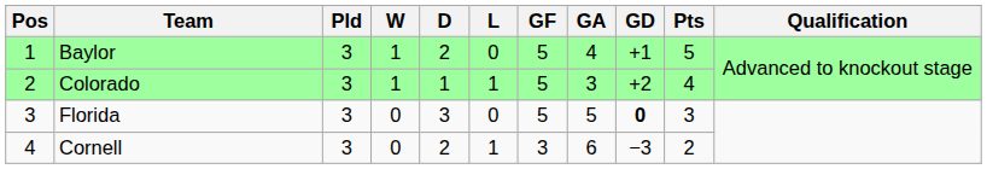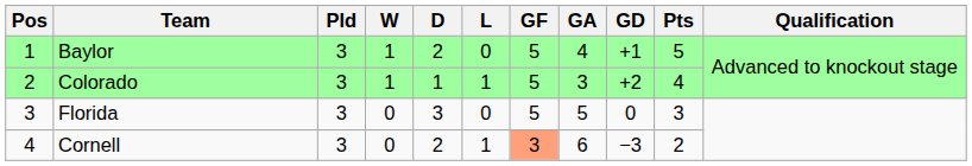 <table class="wikitable" style="text-align:center; margin: 1em auto">
 <tr>
 <th style="width:2em">Pos</th>
 <th style="width:13em">Team</th>
 <th style="width:2em">Pld</th>
 <th style="width:2em">W</th>
 <th style="width:2em">D</th>
 <th style="width:2em">L</th>
 <th style="width:2em">GF</th>
 <th style="width:2em">GA</th>
 <th style="width:2em">GD</th>
 <th style="width:2em">Pts</th>
 <th style="width:13em">Qualification</th>
 </tr>
 <tr bgcolor="#9eff9e">
 <td>1</td>
 <td style="text-align:left">Baylor</td>
 <td>3</td>
 <td>1</td>
 <td>2</td>
 <td>0</td>
 <td>5</td>
 <td>4</td>
 <td>+1</td>
 <td>5</td>
 <td rowspan="2">Advanced to knockout stage</td>
 </tr>
 <tr bgcolor="#9eff9e">
 <td>2</td>
 <td style="text-align:left">Colorado</td>
 <td>3</td>
 <td>1</td>
 <td>1</td>
 <td>1</td>
 <td>5</td>
 <td>3</td>
 <td>+2</td>
 <td>4</td>
 </tr>
 <tr>
 <td>3</td>
 <td style="text-align:left">Florida</td>
 <td>3</td>
 <td>0</td>
 <td>3</td>
 <td>0</td>
 <td>5</td>
 <td>5</td>
-<td><strong>0</strong></td>
+<td>0</td>
 <td>3</td>
 </tr>
 <tr>
 <td>4</td>
 <td style="text-align:left">Cornell</td>
 <td>3</td>
 <td>0</td>
 <td>2</td>
 <td>1</td>
-<td>3</td>
+<td style="background: lightsalmon;">3</td>
 <td>6</td>
 <td>−3</td>
 <td>2</td>
 </tr>
 </table>
